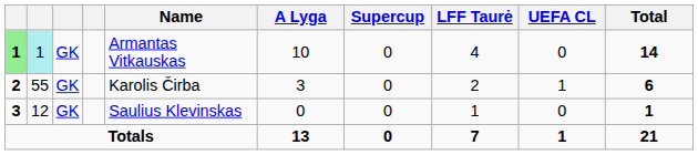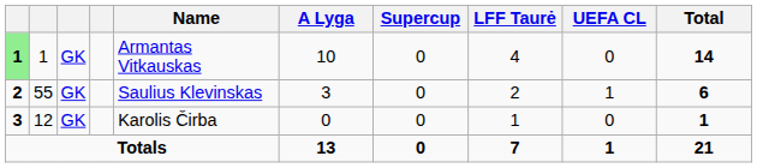 <table class="wikitable" style="text-align:center">
 <tr>
 <th width=15></th>
 <th width=15></th>
 <th width=15></th>
 <th width=15></th>
 <th width=145>Name</th>
 <th width=80><a href='#'>A Lyga</a></th>
 <th width=80><a href='#'>Supercup</a></th>
 <th width=80><a href='#'>LFF Taurė</a></th>
 <th width=80><a href='#'>UEFA CL</a></th>
 <th width=80>Total</th>
 </tr>
 <tr>
 <td style="background: lightgreen;"><strong>1</strong></td>
-<td style="background: paleturquoise;">1</td>
+<td>1</td>
 <td><a href='#'>GK</a></td>
 <td></td>
 <td align=left><a href='#'>Armantas Vitkauskas</a></td>
 <td>10</td>
 <td>0</td>
 <td>4</td>
 <td>0</td>
 <td><strong>14</strong></td>
 </tr>
 <tr>
 <td><strong>2</strong></td>
 <td>55</td>
 <td><a href='#'>GK</a></td>
 <td></td>
-<td align=left>Karolis Čirba</td>
+<td align=left><a href='#'>Saulius Klevinskas</a></td>
 <td>3</td>
 <td>0</td>
 <td>2</td>
 <td>1</td>
 <td><strong>6</strong></td>
 </tr>
 <tr>
 <td><strong>3</strong></td>
 <td>12</td>
 <td><a href='#'>GK</a></td>
 <td></td>
-<td align=left><a href='#'>Saulius Klevinskas</a></td>
+<td align=left>Karolis Čirba</td>
 <td>0</td>
 <td>0</td>
 <td>1</td>
 <td>0</td>
 <td><strong>1</strong></td>
 </tr>
 <tr>
 <td colspan=5><strong>Totals</strong></td>
 <td><strong>13</strong></td>
 <td><strong>0</strong></td>
 <td><strong>7</strong></td>
 <td><strong>1</strong></td>
 <td><strong>21</strong></td>
 </tr>
 </table>
